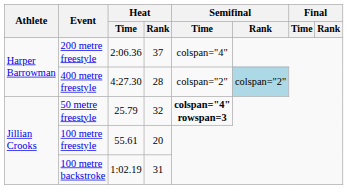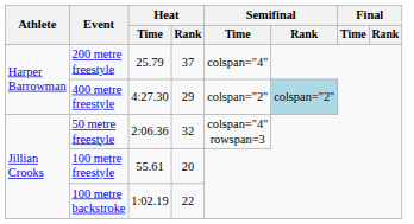 <table class="wikitable" style="text-align:center; font-size:90%; width:50%;">
 <tr>
 <th rowspan="2">Athlete</th>
 <th rowspan="2">Event</th>
 <th colspan="2">Heat</th>
 <th colspan="2">Semifinal</th>
 <th colspan="2">Final</th>
 </tr>
 <tr style="font-size:95%">
 <th>Time</th>
 <th>Rank</th>
 <th>Time</th>
 <th>Rank</th>
 <th>Time</th>
 <th>Rank</th>
 </tr>
 <tr>
 <td align=left rowspan=2><a href='#'>Harper Barrowman</a></td>
 <td align=left><a href='#'>200 metre freestyle</a></td>
-<td>2:06.36</td>
+<td>25.79</td>
 <td>37</td>
 <td>colspan="4" </td>
 </tr>
 <tr align=center>
 <td align=left><a href='#'>400 metre freestyle</a></td>
 <td>4:27.30</td>
-<td>28</td>
+<td>29</td>
 <td>colspan="2"  </td>
 <td style="background: lightblue;">colspan="2"  </td>
 </tr>
 <tr>
 <td align=left rowspan=3><a href='#'>Jillian Crooks</a></td>
 <td align=left><a href='#'>50 metre freestyle</a></td>
-<td>25.79</td>
+<td>2:06.36</td>
 <td>32</td>
-<td><strong>colspan="4" rowspan=3 </strong></td>
+<td>colspan="4" rowspan=3 </td>
 </tr>
 <tr>
 <td align=left><a href='#'>100 metre freestyle</a></td>
 <td>55.61</td>
 <td>20</td>
 </tr>
 <tr>
 <td align=left><a href='#'>100 metre backstroke</a></td>
 <td>1:02.19</td>
-<td>31</td>
+<td>22</td>
 </tr>
 </table>
